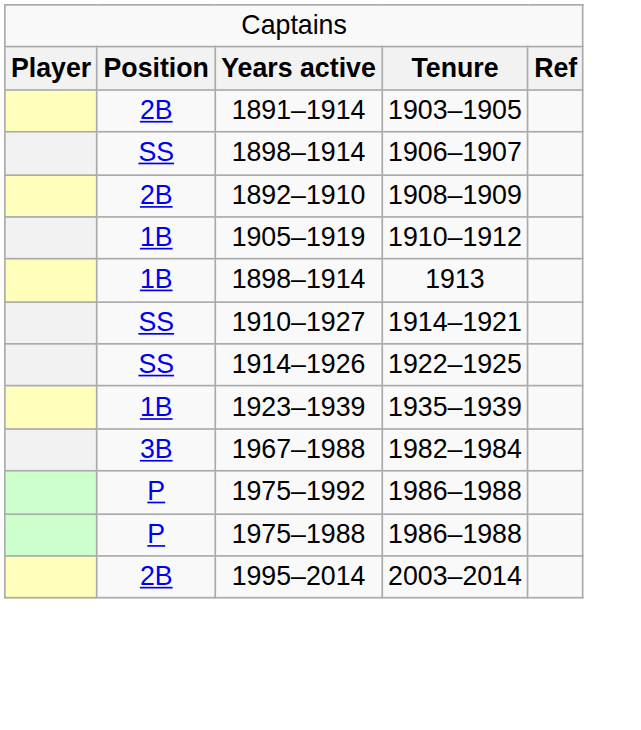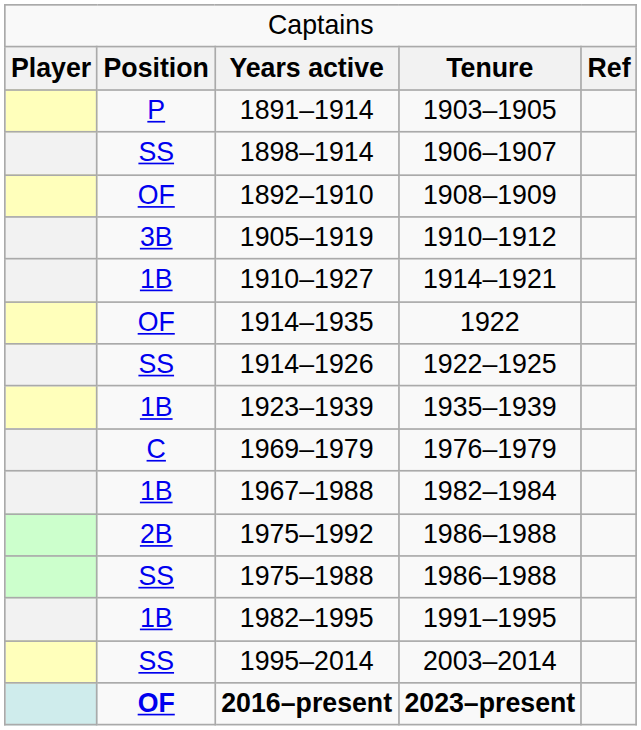 <table class="wikitable sortable plainrowheaders"  style="text-align:center">
 <tr>
 <td colspan=5 style="text-align:center">Captains</td>
 </tr>
 <tr>
 <th scope="col">Player</th>
 <th scope="col">Position</th>
 <th scope="col">Years active</th>
 <th scope="col">Tenure</th>
 <th scope="col" class="unsortable">Ref</th>
 </tr>
 <tr>
 <th scope="row" style="background:#ffb;"></th>
-<td><a href='#'>2B</a></td>
+<td><a href='#'>P</a></td>
 <td>1891–1914</td>
 <td>1903–1905</td>
 <td></td>
 </tr>
 <tr>
 <th scope="row"></th>
 <td><a href='#'>SS</a></td>
 <td>1898–1914</td>
 <td>1906–1907</td>
 <td></td>
 </tr>
 <tr>
 <th scope="row" style="background:#ffb;"></th>
-<td><a href='#'>2B</a></td>
+<td><a href='#'>OF</a></td>
 <td>1892–1910</td>
 <td>1908–1909</td>
 <td></td>
 </tr>
 <tr>
 <th scope="row"></th>
-<td><a href='#'>1B</a></td>
+<td><a href='#'>3B</a></td>
 <td>1905–1919</td>
 <td>1910–1912</td>
 <td></td>
 </tr>
 <tr>
-<th scope="row" style="background:#ffb;"></th>
+<th scope="row"></th>
 <td><a href='#'>1B</a></td>
-<td>1898–1914</td>
-<td>1913</td>
+<td>1910–1927</td>
+<td>1914–1921</td>
 <td></td>
 </tr>
 <tr>
-<th scope="row"></th>
-<td><a href='#'>SS</a></td>
-<td>1910–1927</td>
-<td>1914–1921</td>
+<th scope="row" style="background:#ffb;"></th>
+<td><a href='#'>OF</a></td>
+<td>1914–1935</td>
+<td>1922</td>
 <td></td>
 </tr>
 <tr>
 <th scope="row"></th>
 <td><a href='#'>SS</a></td>
 <td>1914–1926</td>
 <td>1922–1925</td>
 <td></td>
 </tr>
 <tr>
 <th scope="row" style="background:#ffb;"></th>
 <td><a href='#'>1B</a></td>
 <td>1923–1939</td>
 <td>1935–1939</td>
 <td></td>
 </tr>
 <tr>
 <th scope="row"></th>
-<td><a href='#'>3B</a></td>
+<td><a href='#'>C</a></td>
+<td>1969–1979</td>
+<td>1976–1979</td>
+<td></td>
+</tr>
+<tr>
+<th scope="row"></th>
+<td><a href='#'>1B</a></td>
 <td>1967–1988</td>
 <td>1982–1984</td>
 <td></td>
 </tr>
 <tr>
 <th scope="row" style="background:#cfc;"></th>
-<td><a href='#'>P</a></td>
+<td><a href='#'>2B</a></td>
 <td>1975–1992</td>
 <td>1986–1988</td>
 <td></td>
 </tr>
 <tr>
 <th scope="row" style="background:#cfc;"></th>
-<td><a href='#'>P</a></td>
+<td><a href='#'>SS</a></td>
 <td>1975–1988</td>
 <td>1986–1988</td>
 <td></td>
 </tr>
 <tr>
+<th scope="row"></th>
+<td><a href='#'>1B</a></td>
+<td>1982–1995</td>
+<td>1991–1995</td>
+<td></td>
+</tr>
+<tr>
 <th scope="row" style="background:#ffb;"></th>
-<td><a href='#'>2B</a></td>
+<td><a href='#'>SS</a></td>
 <td>1995–2014</td>
 <td>2003–2014</td>
 <td></td>
 </tr>
+<tr>
+<th scope="row" style="background:#cfecec;"><strong></strong></th>
+<td><strong><a href='#'>OF</a></strong></td>
+<td><strong>2016–present</strong></td>
+<td><strong>2023–present</strong></td>
+<td></td>
+</tr>
 </table>
